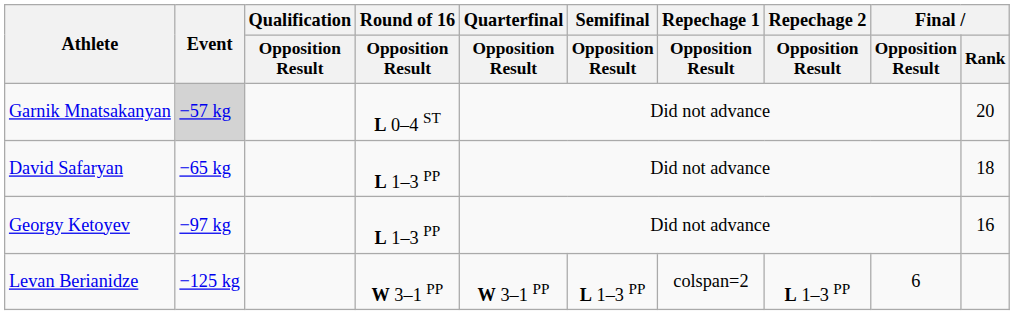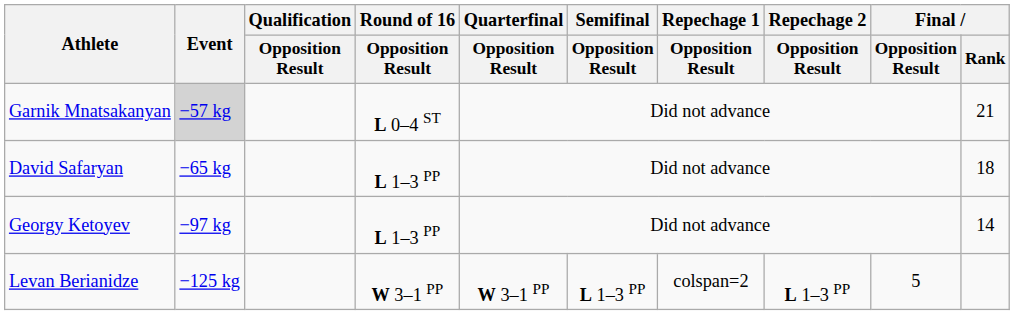 <table class="wikitable" style="font-size:90%">
 <tr>
 <th rowspan=2>Athlete</th>
 <th rowspan=2>Event</th>
 <th>Qualification</th>
 <th>Round of 16</th>
 <th>Quarterfinal</th>
 <th>Semifinal</th>
 <th>Repechage 1</th>
 <th>Repechage 2</th>
 <th colspan=2>Final / </th>
 </tr>
 <tr style="font-size: 95%">
 <th>Opposition<br>Result</th>
 <th>Opposition<br>Result</th>
 <th>Opposition<br>Result</th>
 <th>Opposition<br>Result</th>
 <th>Opposition<br>Result</th>
 <th>Opposition<br>Result</th>
 <th>Opposition<br>Result</th>
 <th>Rank</th>
 </tr>
 <tr align=center>
 <td align=left><a href='#'>Garnik Mnatsakanyan</a></td>
 <td align=left style="background: lightgrey;"><a href='#'>−57 kg</a></td>
 <td></td>
 <td><br><strong>L</strong> 0–4 <sup>ST</sup></td>
 <td colspan=5>Did not advance</td>
-<td>20</td>
+<td>21</td>
 </tr>
 <tr align=center>
 <td align=left><a href='#'>David Safaryan</a></td>
 <td align=left><a href='#'>−65 kg</a></td>
 <td></td>
 <td><br><strong>L</strong> 1–3 <sup>PP</sup></td>
 <td colspan=5>Did not advance</td>
 <td>18</td>
 </tr>
 <tr align=center>
 <td align=left><a href='#'>Georgy Ketoyev</a></td>
 <td align=left><a href='#'>−97 kg</a></td>
 <td></td>
 <td><br><strong>L</strong> 1–3 <sup>PP</sup></td>
 <td colspan=5>Did not advance</td>
-<td>16</td>
+<td>14</td>
 </tr>
 <tr align=center>
 <td align=left><a href='#'>Levan Berianidze</a></td>
 <td align=left><a href='#'>−125 kg</a></td>
 <td></td>
 <td><br><strong>W</strong> 3–1 <sup>PP</sup></td>
 <td><br><strong>W</strong> 3–1 <sup>PP</sup></td>
 <td><br><strong>L</strong> 1–3 <sup>PP</sup></td>
 <td>colspan=2 </td>
 <td><br><strong>L</strong> 1–3 <sup>PP</sup></td>
-<td>6</td>
+<td>5</td>
 </tr>
 </table>
